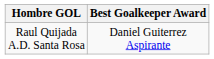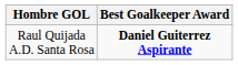 <table class="wikitable" style="margin: 0 auto;">
 <tr>
 <th>Hombre GOL</th>
 <th>Best Goalkeeper Award</th>
 </tr>
 <tr>
 <td align=center> Raul Quijada <br> A.D. Santa Rosa</td>
-<td align=center> Daniel Guiterrez <br> <a href='#'>Aspirante</a></td>
+<td align=center><strong> Daniel Guiterrez <br> <a href='#'>Aspirante</a></strong></td>
 </tr>
 </table>
